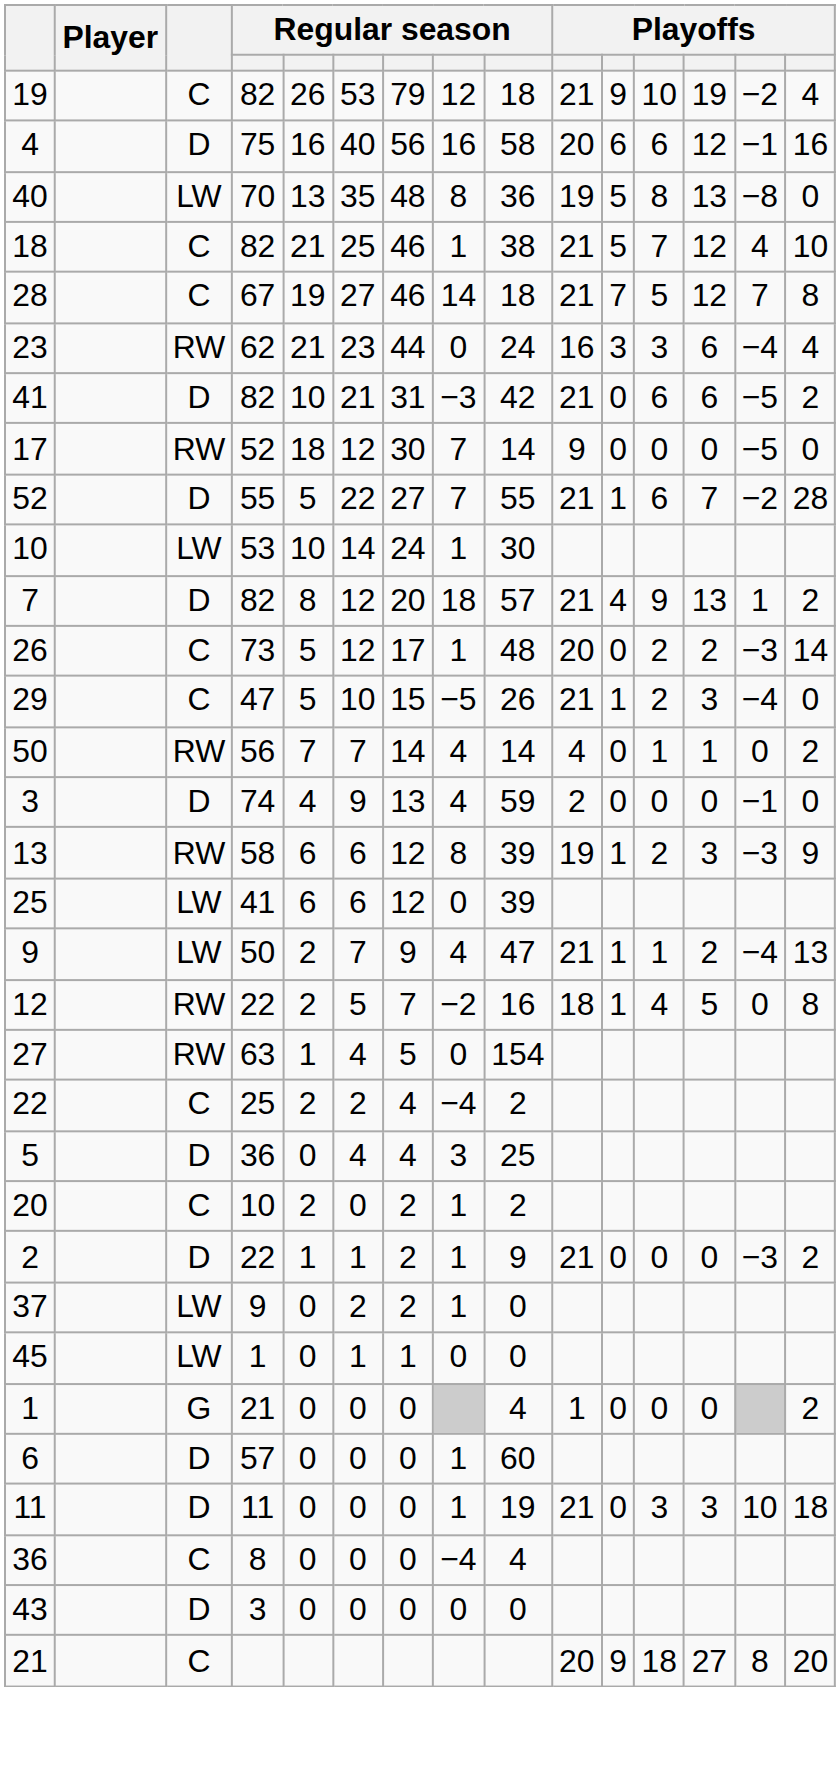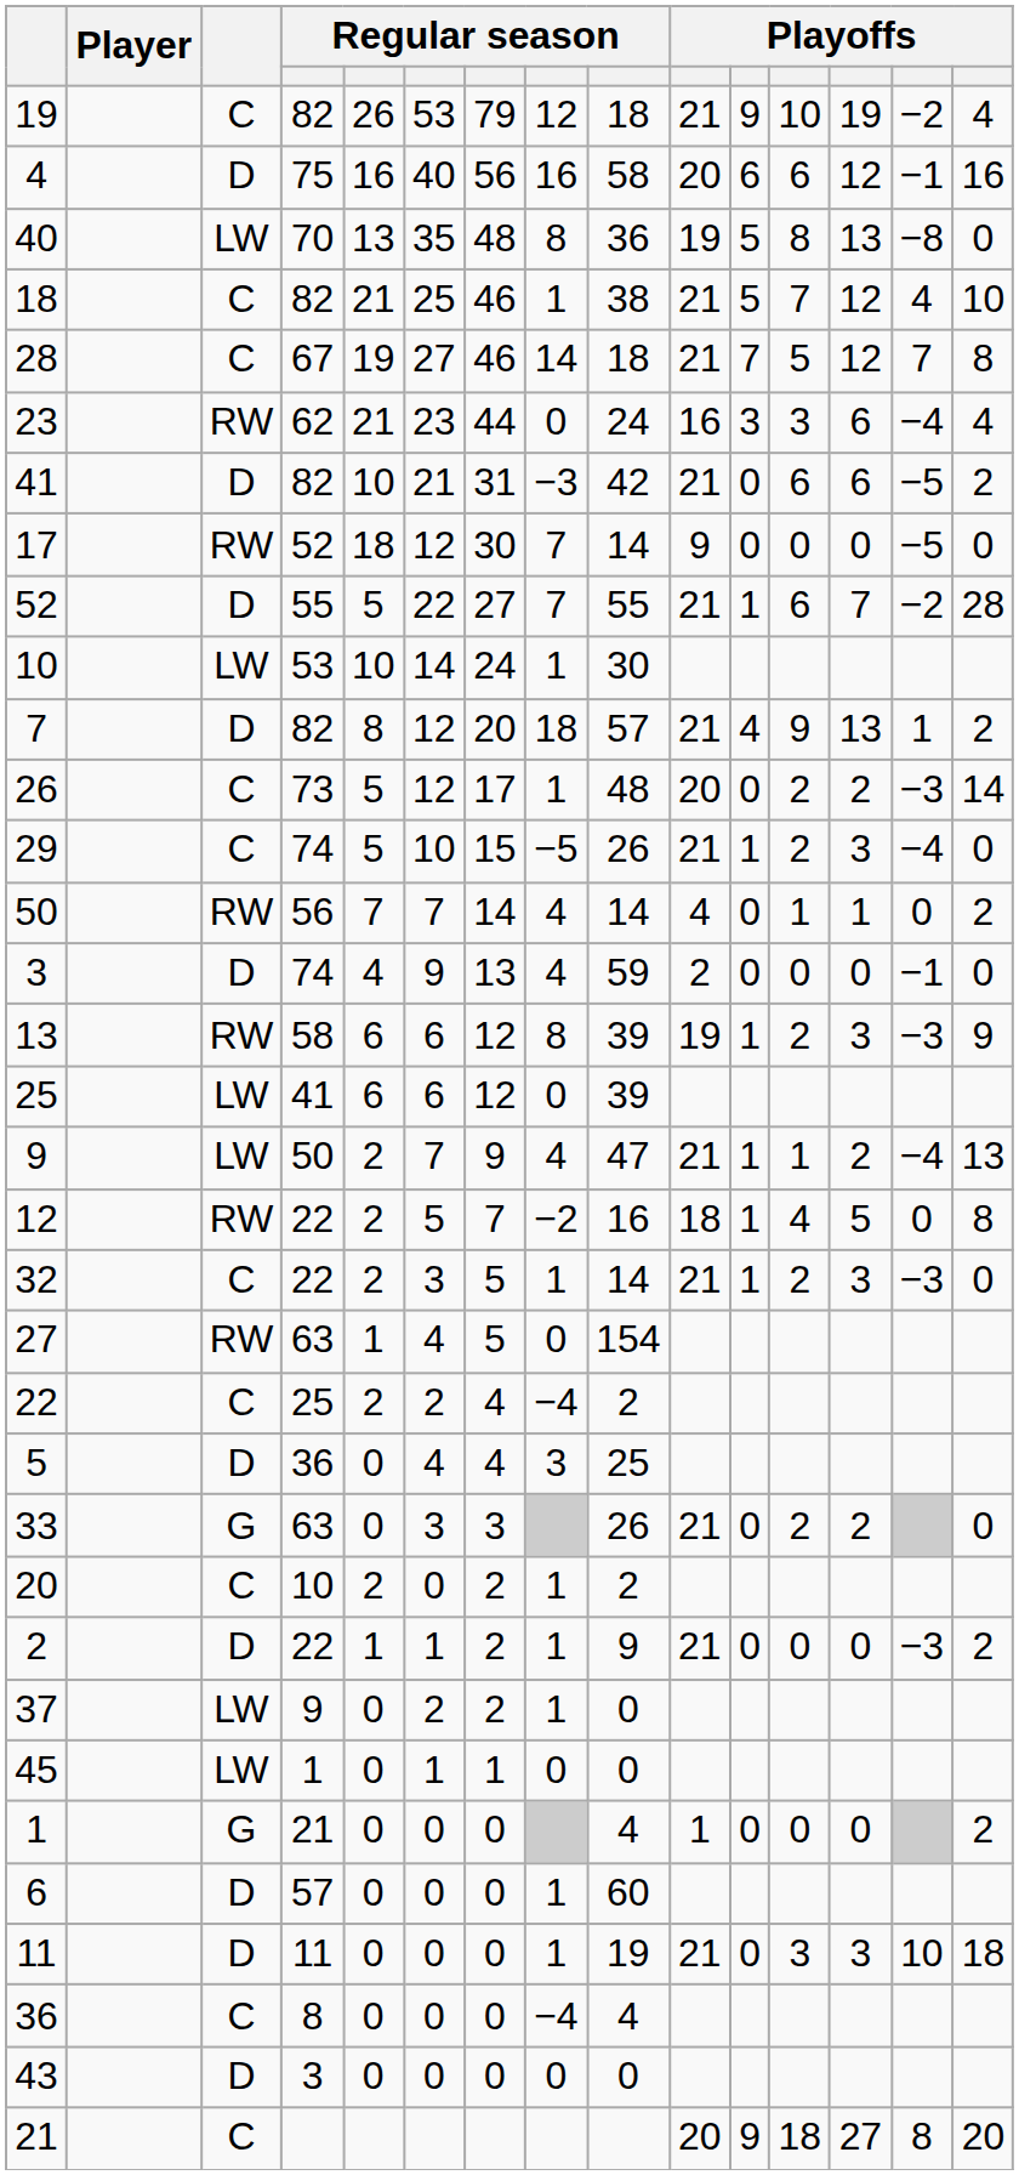 <table class="wikitable sortable plainrowheaders" style="text-align:center;">
 <tr>
 <th scope="col" data-sort-type="number" rowspan="2"></th>
 <th scope="col" rowspan="2">Player</th>
 <th scope="col" rowspan="2"></th>
 <th scope=colgroup colspan=6>Regular season</th>
 <th scope=colgroup colspan=6>Playoffs</th>
 </tr>
 <tr>
 <th scope="col" data-sort-type="number"></th>
 <th scope="col" data-sort-type="number"></th>
 <th scope="col" data-sort-type="number"></th>
 <th scope="col" data-sort-type="number"></th>
 <th scope="col" data-sort-type="number"></th>
 <th scope="col" data-sort-type="number"></th>
 <th scope="col" data-sort-type="number"></th>
 <th scope="col" data-sort-type="number"></th>
 <th scope="col" data-sort-type="number"></th>
 <th scope="col" data-sort-type="number"></th>
 <th scope="col" data-sort-type="number"></th>
 <th scope="col" data-sort-type="number"></th>
 </tr>
 <tr>
 <td scope="row">19</td>
 <td align="left"></td>
 <td>C</td>
 <td>82</td>
 <td>26</td>
 <td>53</td>
 <td>79</td>
 <td>12</td>
 <td>18</td>
 <td>21</td>
 <td>9</td>
 <td>10</td>
 <td>19</td>
 <td>−2</td>
 <td>4</td>
 </tr>
 <tr>
 <td scope="row">4</td>
 <td align="left"></td>
 <td>D</td>
 <td>75</td>
 <td>16</td>
 <td>40</td>
 <td>56</td>
 <td>16</td>
 <td>58</td>
 <td>20</td>
 <td>6</td>
 <td>6</td>
 <td>12</td>
 <td>−1</td>
 <td>16</td>
 </tr>
 <tr>
 <td scope="row">40</td>
 <td align="left"></td>
 <td>LW</td>
 <td>70</td>
 <td>13</td>
 <td>35</td>
 <td>48</td>
 <td>8</td>
 <td>36</td>
 <td>19</td>
 <td>5</td>
 <td>8</td>
 <td>13</td>
 <td>−8</td>
 <td>0</td>
 </tr>
 <tr>
 <td scope="row">18</td>
 <td align="left"></td>
 <td>C</td>
 <td>82</td>
 <td>21</td>
 <td>25</td>
 <td>46</td>
 <td>1</td>
 <td>38</td>
 <td>21</td>
 <td>5</td>
 <td>7</td>
 <td>12</td>
 <td>4</td>
 <td>10</td>
 </tr>
 <tr>
 <td scope="row">28</td>
 <td align="left"></td>
 <td>C</td>
 <td>67</td>
 <td>19</td>
 <td>27</td>
 <td>46</td>
 <td>14</td>
 <td>18</td>
 <td>21</td>
 <td>7</td>
 <td>5</td>
 <td>12</td>
 <td>7</td>
 <td>8</td>
 </tr>
 <tr>
 <td scope="row">23</td>
 <td align="left"></td>
 <td>RW</td>
 <td>62</td>
 <td>21</td>
 <td>23</td>
 <td>44</td>
 <td>0</td>
 <td>24</td>
 <td>16</td>
 <td>3</td>
 <td>3</td>
 <td>6</td>
 <td>−4</td>
 <td>4</td>
 </tr>
 <tr>
 <td scope="row">41</td>
 <td align="left"></td>
 <td>D</td>
 <td>82</td>
 <td>10</td>
 <td>21</td>
 <td>31</td>
 <td>−3</td>
 <td>42</td>
 <td>21</td>
 <td>0</td>
 <td>6</td>
 <td>6</td>
 <td>−5</td>
 <td>2</td>
 </tr>
 <tr>
 <td scope="row">17</td>
 <td align="left"></td>
 <td>RW</td>
 <td>52</td>
 <td>18</td>
 <td>12</td>
 <td>30</td>
 <td>7</td>
 <td>14</td>
 <td>9</td>
 <td>0</td>
 <td>0</td>
 <td>0</td>
 <td>−5</td>
 <td>0</td>
 </tr>
 <tr>
 <td scope="row">52</td>
 <td align="left"></td>
 <td>D</td>
 <td>55</td>
 <td>5</td>
 <td>22</td>
 <td>27</td>
 <td>7</td>
 <td>55</td>
 <td>21</td>
 <td>1</td>
 <td>6</td>
 <td>7</td>
 <td>−2</td>
 <td>28</td>
 </tr>
 <tr>
 <td scope="row">10</td>
 <td align="left"></td>
 <td>LW</td>
 <td>53</td>
 <td>10</td>
 <td>14</td>
 <td>24</td>
 <td>1</td>
 <td>30</td>
 <td></td>
 <td></td>
 <td></td>
 <td></td>
 <td></td>
 <td></td>
 </tr>
 <tr>
 <td scope="row">7</td>
 <td align="left"></td>
 <td>D</td>
 <td>82</td>
 <td>8</td>
 <td>12</td>
 <td>20</td>
 <td>18</td>
 <td>57</td>
 <td>21</td>
 <td>4</td>
 <td>9</td>
 <td>13</td>
 <td>1</td>
 <td>2</td>
 </tr>
 <tr>
 <td scope="row">26</td>
 <td align="left"></td>
 <td>C</td>
 <td>73</td>
 <td>5</td>
 <td>12</td>
 <td>17</td>
 <td>1</td>
 <td>48</td>
 <td>20</td>
 <td>0</td>
 <td>2</td>
 <td>2</td>
 <td>−3</td>
 <td>14</td>
 </tr>
 <tr>
 <td scope="row">29</td>
 <td align="left"></td>
 <td>C</td>
-<td>47</td>
+<td>74</td>
 <td>5</td>
 <td>10</td>
 <td>15</td>
 <td>−5</td>
 <td>26</td>
 <td>21</td>
 <td>1</td>
 <td>2</td>
 <td>3</td>
 <td>−4</td>
 <td>0</td>
 </tr>
 <tr>
 <td scope="row">50</td>
 <td align="left"></td>
 <td>RW</td>
 <td>56</td>
 <td>7</td>
 <td>7</td>
 <td>14</td>
 <td>4</td>
 <td>14</td>
 <td>4</td>
 <td>0</td>
 <td>1</td>
 <td>1</td>
 <td>0</td>
 <td>2</td>
 </tr>
 <tr>
 <td scope="row">3</td>
 <td align="left"></td>
 <td>D</td>
 <td>74</td>
 <td>4</td>
 <td>9</td>
 <td>13</td>
 <td>4</td>
 <td>59</td>
 <td>2</td>
 <td>0</td>
 <td>0</td>
 <td>0</td>
 <td>−1</td>
 <td>0</td>
 </tr>
 <tr>
 <td scope="row">13</td>
 <td align="left"></td>
 <td>RW</td>
 <td>58</td>
 <td>6</td>
 <td>6</td>
 <td>12</td>
 <td>8</td>
 <td>39</td>
 <td>19</td>
 <td>1</td>
 <td>2</td>
 <td>3</td>
 <td>−3</td>
 <td>9</td>
 </tr>
 <tr>
 <td scope="row">25</td>
 <td align="left"></td>
 <td>LW</td>
 <td>41</td>
 <td>6</td>
 <td>6</td>
 <td>12</td>
 <td>0</td>
 <td>39</td>
 <td></td>
 <td></td>
 <td></td>
 <td></td>
 <td></td>
 <td></td>
 </tr>
 <tr>
 <td scope="row">9</td>
 <td align="left"></td>
 <td>LW</td>
 <td>50</td>
 <td>2</td>
 <td>7</td>
 <td>9</td>
 <td>4</td>
 <td>47</td>
 <td>21</td>
 <td>1</td>
 <td>1</td>
 <td>2</td>
 <td>−4</td>
 <td>13</td>
 </tr>
 <tr>
 <td scope="row">12</td>
 <td align="left"></td>
 <td>RW</td>
 <td>22</td>
 <td>2</td>
 <td>5</td>
 <td>7</td>
 <td>−2</td>
 <td>16</td>
 <td>18</td>
 <td>1</td>
 <td>4</td>
 <td>5</td>
 <td>0</td>
 <td>8</td>
 </tr>
 <tr>
+<td scope="row">32</td>
+<td align="left"></td>
+<td>C</td>
+<td>22</td>
+<td>2</td>
+<td>3</td>
+<td>5</td>
+<td>1</td>
+<td>14</td>
+<td>21</td>
+<td>1</td>
+<td>2</td>
+<td>3</td>
+<td>−3</td>
+<td>0</td>
+</tr>
+<tr>
 <td scope="row">27</td>
 <td align="left"></td>
 <td>RW</td>
 <td>63</td>
 <td>1</td>
 <td>4</td>
 <td>5</td>
 <td>0</td>
 <td>154</td>
 <td></td>
 <td></td>
 <td></td>
 <td></td>
 <td></td>
 <td></td>
 </tr>
 <tr>
 <td scope="row">22</td>
 <td align="left"></td>
 <td>C</td>
 <td>25</td>
 <td>2</td>
 <td>2</td>
 <td>4</td>
 <td>−4</td>
 <td>2</td>
 <td></td>
 <td></td>
 <td></td>
 <td></td>
 <td></td>
 <td></td>
 </tr>
 <tr>
 <td scope="row">5</td>
 <td align="left"></td>
 <td>D</td>
 <td>36</td>
 <td>0</td>
 <td>4</td>
 <td>4</td>
 <td>3</td>
 <td>25</td>
 <td></td>
 <td></td>
 <td></td>
 <td></td>
 <td></td>
 <td></td>
+</tr>
+<tr>
+<td scope="row">33</td>
+<td align="left"></td>
+<td>G</td>
+<td>63</td>
+<td>0</td>
+<td>3</td>
+<td>3</td>
+<td style="background:#ccc"></td>
+<td>26</td>
+<td>21</td>
+<td>0</td>
+<td>2</td>
+<td>2</td>
+<td style="background:#ccc"></td>
+<td>0</td>
 </tr>
 <tr>
 <td scope="row">20</td>
 <td align="left"></td>
 <td>C</td>
 <td>10</td>
 <td>2</td>
 <td>0</td>
 <td>2</td>
 <td>1</td>
 <td>2</td>
 <td></td>
 <td></td>
 <td></td>
 <td></td>
 <td></td>
 <td></td>
 </tr>
 <tr>
 <td scope="row">2</td>
 <td align="left"></td>
 <td>D</td>
 <td>22</td>
 <td>1</td>
 <td>1</td>
 <td>2</td>
 <td>1</td>
 <td>9</td>
 <td>21</td>
 <td>0</td>
 <td>0</td>
 <td>0</td>
 <td>−3</td>
 <td>2</td>
 </tr>
 <tr>
 <td scope="row">37</td>
 <td align="left"></td>
 <td>LW</td>
 <td>9</td>
 <td>0</td>
 <td>2</td>
 <td>2</td>
 <td>1</td>
 <td>0</td>
 <td></td>
 <td></td>
 <td></td>
 <td></td>
 <td></td>
 <td></td>
 </tr>
 <tr>
 <td scope="row">45</td>
 <td align="left"></td>
 <td>LW</td>
 <td>1</td>
 <td>0</td>
 <td>1</td>
 <td>1</td>
 <td>0</td>
 <td>0</td>
 <td></td>
 <td></td>
 <td></td>
 <td></td>
 <td></td>
 <td></td>
 </tr>
 <tr>
 <td scope="row">1</td>
 <td align="left"></td>
 <td>G</td>
 <td>21</td>
 <td>0</td>
 <td>0</td>
 <td>0</td>
 <td style="background:#ccc"></td>
 <td>4</td>
 <td>1</td>
 <td>0</td>
 <td>0</td>
 <td>0</td>
 <td style="background:#ccc"></td>
 <td>2</td>
 </tr>
 <tr>
 <td scope="row">6</td>
 <td align="left"></td>
 <td>D</td>
 <td>57</td>
 <td>0</td>
 <td>0</td>
 <td>0</td>
 <td>1</td>
 <td>60</td>
 <td></td>
 <td></td>
 <td></td>
 <td></td>
 <td></td>
 <td></td>
 </tr>
 <tr>
 <td scope="row">11</td>
 <td align="left"></td>
 <td>D</td>
 <td>11</td>
 <td>0</td>
 <td>0</td>
 <td>0</td>
 <td>1</td>
 <td>19</td>
 <td>21</td>
 <td>0</td>
 <td>3</td>
 <td>3</td>
 <td>10</td>
 <td>18</td>
 </tr>
 <tr>
 <td scope="row">36</td>
 <td align="left"></td>
 <td>C</td>
 <td>8</td>
 <td>0</td>
 <td>0</td>
 <td>0</td>
 <td>−4</td>
 <td>4</td>
 <td></td>
 <td></td>
 <td></td>
 <td></td>
 <td></td>
 <td></td>
 </tr>
 <tr>
 <td scope="row">43</td>
 <td align="left"></td>
 <td>D</td>
 <td>3</td>
 <td>0</td>
 <td>0</td>
 <td>0</td>
 <td>0</td>
 <td>0</td>
 <td></td>
 <td></td>
 <td></td>
 <td></td>
 <td></td>
 <td></td>
 </tr>
 <tr>
 <td scope="row">21</td>
 <td align="left"></td>
 <td>C</td>
 <td></td>
 <td></td>
 <td></td>
 <td></td>
 <td></td>
 <td></td>
 <td>20</td>
 <td>9</td>
 <td>18</td>
 <td>27</td>
 <td>8</td>
 <td>20</td>
 </tr>
 </table>
